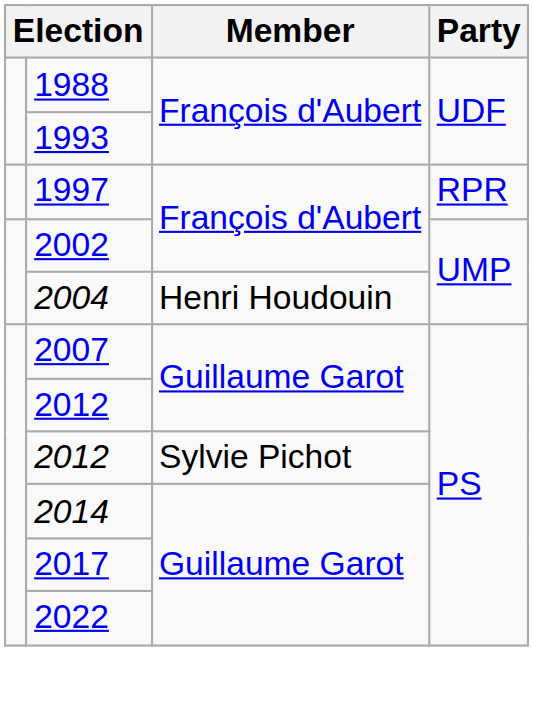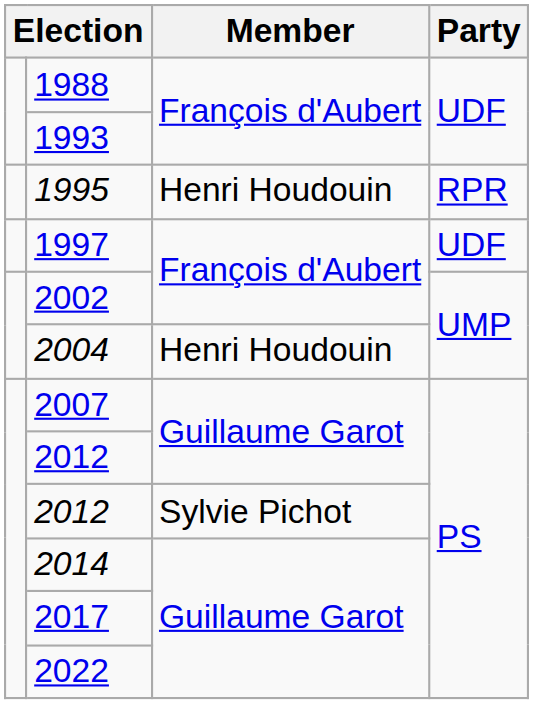 <table class="wikitable">
 <tr>
 <th colspan="2">Election</th>
 <th>Member</th>
 <th>Party</th>
 </tr>
 <tr>
 <td rowspan="2" style="color:inherit;background-color: "></td>
 <td><a href='#'>1988</a></td>
 <td rowspan="2"><a href='#'>François d'Aubert</a></td>
 <td rowspan="2"><a href='#'>UDF</a></td>
 </tr>
 <tr>
 <td><a href='#'>1993</a></td>
 </tr>
 <tr>
 <td style="color:inherit;background-color: "></td>
+<td><em>1995</em></td>
+<td>Henri Houdouin</td>
+<td><a href='#'>RPR</a></td>
+</tr>
+<tr>
+<td style="color:inherit;background-color: "></td>
 <td><a href='#'>1997</a></td>
 <td rowspan="2"><a href='#'>François d'Aubert</a></td>
-<td><a href='#'>RPR</a></td>
+<td><a href='#'>UDF</a></td>
 </tr>
 <tr>
 <td rowspan="2" style="color:inherit;background-color: "></td>
 <td><a href='#'>2002</a></td>
 <td rowspan="2"><a href='#'>UMP</a></td>
 </tr>
 <tr>
 <td><em>2004</em></td>
 <td>Henri Houdouin</td>
 </tr>
 <tr>
 <td rowspan="6" style="color:inherit;background-color: "></td>
 <td><a href='#'>2007</a></td>
 <td rowspan=2><a href='#'>Guillaume Garot</a></td>
 <td rowspan="6"><a href='#'>PS</a></td>
 </tr>
 <tr>
 <td><a href='#'>2012</a></td>
 </tr>
 <tr>
 <td><em>2012</em></td>
 <td>Sylvie Pichot</td>
 </tr>
 <tr>
 <td><em>2014</em></td>
 <td rowspan="3"><a href='#'>Guillaume Garot</a></td>
 </tr>
 <tr>
 <td><a href='#'>2017</a></td>
 </tr>
 <tr>
 <td><a href='#'>2022</a></td>
 </tr>
 </table>
